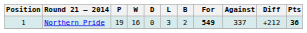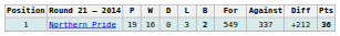 <table class="wikitable" style="text-align:center; font-size:85%;">
 <tr>
 <th width=40 abbr="Position">Position</th>
 <th width=100>Round 21 – 2014</th>
 <th width=20 abbr="Played">P</th>
 <th width=20 abbr="Won">W</th>
 <th width=20 abbr="Drawn">D</th>
 <th width=20 abbr="Lost">L</th>
 <th width=20 abbr="Bye">B</th>
 <th width=40 abbr="Points for">For</th>
 <th width=40 abbr="Points against">Against</th>
 <th width=40 abbr="Points difference">Diff</th>
 <th width=20 abbr="Points">Pts</th>
 </tr>
 <tr style="background: #d7ebed;">
 <td>1</td>
 <td style="text-align:left;"> <a href='#'>Northern Pride</a></td>
 <td>19</td>
 <td>16</td>
 <td>0</td>
 <td>3</td>
-<td>2</td>
-<td><strong>549</strong></td>
+<td><strong>2</strong></td>
+<td>549</td>
 <td>337</td>
 <td>+212</td>
 <td><strong>36</strong></td>
 </tr>
 <tr>
 </tr>
 </table>
